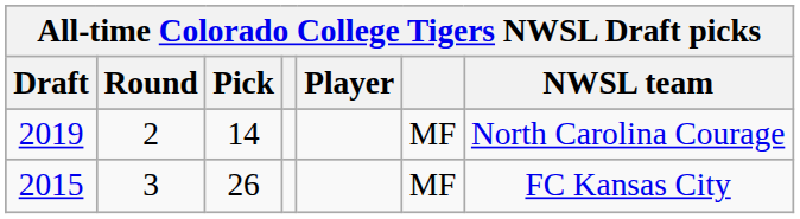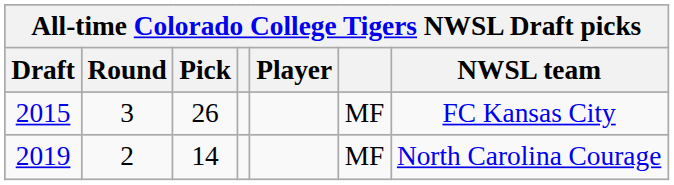 <table class="wikitable sortable" style="text-align: center;">
 <tr>
 <th colspan="7" style="background:#">All-time <a href='#'><span>Colorado College Tigers</span></a> NWSL Draft picks</th>
 </tr>
 <tr>
 <th scope="col">Draft</th>
 <th scope="col">Round</th>
 <th scope="col">Pick</th>
 <th scope="col"></th>
 <th scope="col">Player</th>
 <th scope="col"></th>
 <th scope="col">NWSL team</th>
 </tr>
 <tr>
+<td><a href='#'>2015</a></td>
+<td>3</td>
+<td>26</td>
+<td></td>
+<td></td>
+<td>MF</td>
+<td><a href='#'>FC Kansas City</a></td>
+</tr>
+<tr>
 <td><a href='#'>2019</a></td>
 <td>2</td>
 <td>14</td>
 <td></td>
 <td></td>
 <td>MF</td>
 <td><a href='#'>North Carolina Courage</a></td>
 </tr>
-<tr>
-<td><a href='#'>2015</a></td>
-<td>3</td>
-<td>26</td>
-<td></td>
-<td></td>
-<td>MF</td>
-<td><a href='#'>FC Kansas City</a></td>
-</tr>
 </table>
